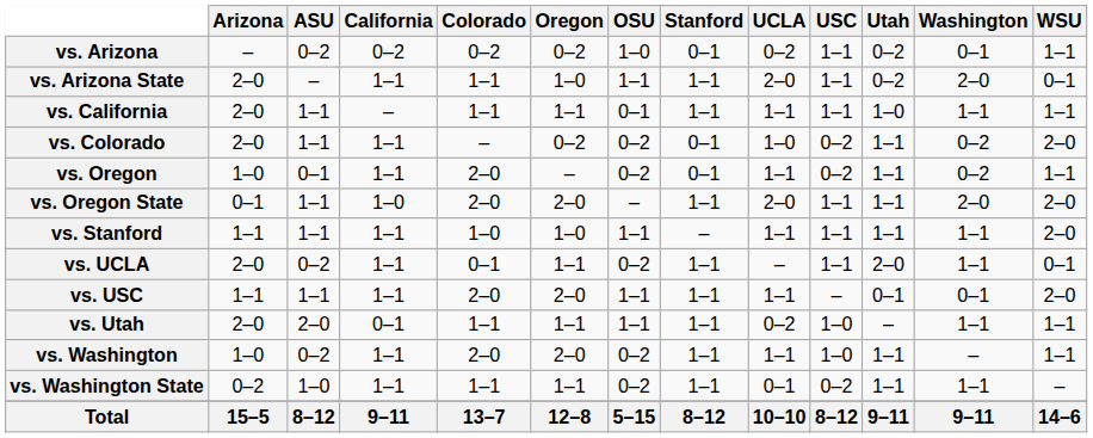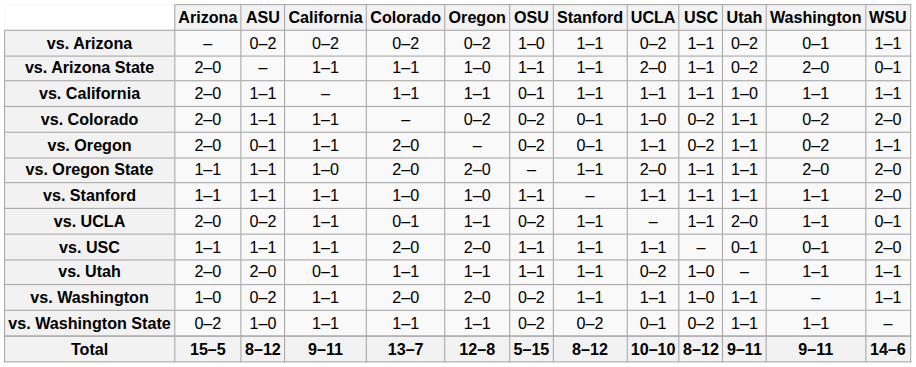 <table class="wikitable" style="white-space:nowrap;font-size:90%;">
 <tr>
 <th colspan=1 style="background:white; border-top-style:hidden; border-left-style:hidden;"   width=110> </th>
 <th>Arizona</th>
 <th>ASU</th>
 <th>California</th>
 <th>Colorado</th>
 <th>Oregon</th>
 <th>OSU</th>
 <th>Stanford</th>
 <th>UCLA</th>
 <th>USC</th>
 <th>Utah</th>
 <th>Washington</th>
 <th>WSU</th>
 </tr>
 <tr style="text-align:center;">
 <th>vs. Arizona</th>
 <td>–</td>
 <td>0–2</td>
 <td>0–2</td>
 <td>0–2</td>
 <td>0–2</td>
 <td>1–0</td>
-<td>0–1</td>
+<td>1–1</td>
 <td>0–2</td>
 <td>1–1</td>
 <td>0–2</td>
 <td>0–1</td>
 <td>1–1</td>
 </tr>
 <tr style="text-align:center;">
 <th>vs. Arizona State</th>
 <td>2–0</td>
 <td>–</td>
 <td>1–1</td>
 <td>1–1</td>
 <td>1–0</td>
 <td>1–1</td>
 <td>1–1</td>
 <td>2–0</td>
 <td>1–1</td>
 <td>0–2</td>
 <td>2–0</td>
 <td>0–1</td>
 </tr>
 <tr style="text-align:center;">
 <th>vs. California</th>
 <td>2–0</td>
 <td>1–1</td>
 <td>–</td>
 <td>1–1</td>
 <td>1–1</td>
 <td>0–1</td>
 <td>1–1</td>
 <td>1–1</td>
 <td>1–1</td>
 <td>1–0</td>
 <td>1–1</td>
 <td>1–1</td>
 </tr>
 <tr style="text-align:center;">
 <th>vs. Colorado</th>
 <td>2–0</td>
 <td>1–1</td>
 <td>1–1</td>
 <td>–</td>
 <td>0–2</td>
 <td>0–2</td>
 <td>0–1</td>
 <td>1–0</td>
 <td>0–2</td>
 <td>1–1</td>
 <td>0–2</td>
 <td>2–0</td>
 </tr>
 <tr style="text-align:center;">
 <th>vs. Oregon</th>
-<td>1–0</td>
+<td>2–0</td>
 <td>0–1</td>
 <td>1–1</td>
 <td>2–0</td>
 <td>–</td>
 <td>0–2</td>
 <td>0–1</td>
 <td>1–1</td>
 <td>0–2</td>
 <td>1–1</td>
 <td>0–2</td>
 <td>1–1</td>
 </tr>
 <tr style="text-align:center;">
 <th>vs. Oregon State</th>
-<td>0–1</td>
+<td>1–1</td>
 <td>1–1</td>
 <td>1–0</td>
 <td>2–0</td>
 <td>2–0</td>
 <td>–</td>
 <td>1–1</td>
 <td>2–0</td>
 <td>1–1</td>
 <td>1–1</td>
 <td>2–0</td>
 <td>2–0</td>
 </tr>
 <tr style="text-align:center;">
 <th>vs. Stanford</th>
 <td>1–1</td>
 <td>1–1</td>
 <td>1–1</td>
 <td>1–0</td>
 <td>1–0</td>
 <td>1–1</td>
 <td>–</td>
 <td>1–1</td>
 <td>1–1</td>
 <td>1–1</td>
 <td>1–1</td>
 <td>2–0</td>
 </tr>
 <tr style="text-align:center;">
 <th>vs. UCLA</th>
 <td>2–0</td>
 <td>0–2</td>
 <td>1–1</td>
 <td>0–1</td>
 <td>1–1</td>
 <td>0–2</td>
 <td>1–1</td>
 <td>–</td>
 <td>1–1</td>
 <td>2–0</td>
 <td>1–1</td>
 <td>0–1</td>
 </tr>
 <tr style="text-align:center;">
 <th>vs. USC</th>
 <td>1–1</td>
 <td>1–1</td>
 <td>1–1</td>
 <td>2–0</td>
 <td>2–0</td>
 <td>1–1</td>
 <td>1–1</td>
 <td>1–1</td>
 <td>–</td>
 <td>0–1</td>
 <td>0–1</td>
 <td>2–0</td>
 </tr>
 <tr style="text-align:center;">
 <th>vs. Utah</th>
 <td>2–0</td>
 <td>2–0</td>
 <td>0–1</td>
 <td>1–1</td>
 <td>1–1</td>
 <td>1–1</td>
 <td>1–1</td>
 <td>0–2</td>
 <td>1–0</td>
 <td>–</td>
 <td>1–1</td>
 <td>1–1</td>
 </tr>
 <tr style="text-align:center;">
 <th>vs. Washington</th>
 <td>1–0</td>
 <td>0–2</td>
 <td>1–1</td>
 <td>2–0</td>
 <td>2–0</td>
 <td>0–2</td>
 <td>1–1</td>
 <td>1–1</td>
 <td>1–0</td>
 <td>1–1</td>
 <td>–</td>
 <td>1–1</td>
 </tr>
 <tr style="text-align:center;">
 <th>vs. Washington State</th>
 <td>0–2</td>
 <td>1–0</td>
 <td>1–1</td>
 <td>1–1</td>
 <td>1–1</td>
 <td>0–2</td>
-<td>1–1</td>
+<td>0–2</td>
 <td>0–1</td>
 <td>0–2</td>
 <td>1–1</td>
 <td>1–1</td>
 <td>–</td>
 </tr>
 <tr style="text-align:center;">
 </tr>
 <tr style="text-align:center;">
 <th>Total</th>
 <th>15–5</th>
 <th>8–12</th>
 <th>9–11</th>
 <th>13–7</th>
 <th>12–8</th>
 <th>5–15</th>
 <th>8–12</th>
 <th>10–10</th>
 <th>8–12</th>
 <th>9–11</th>
 <th>9–11</th>
 <th>14–6</th>
 </tr>
 </table>
